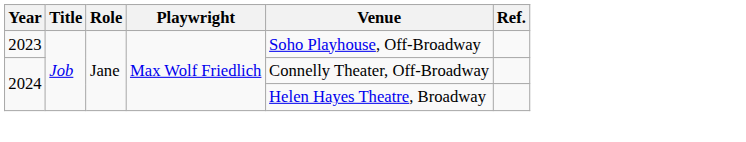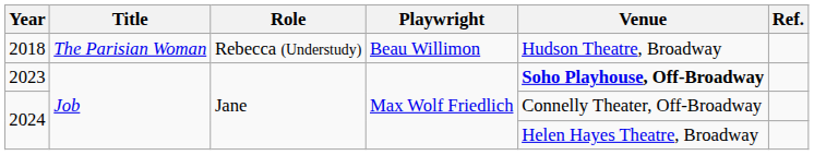 <table class="wikitable unsortable">
 <tr>
 <th>Year</th>
 <th>Title</th>
 <th>Role</th>
 <th>Playwright</th>
 <th class="unsortable">Venue</th>
 <th class="unsortable">Ref.</th>
 </tr>
 <tr>
+<td>2018</td>
+<td><em><a href='#'>The Parisian Woman</a></em></td>
+<td>Rebecca <small>(Understudy)</small></td>
+<td><a href='#'>Beau Willimon</a></td>
+<td><a href='#'>Hudson Theatre</a>, Broadway</td>
+<td></td>
+</tr>
+<tr>
 <td>2023</td>
 <td rowspan=3><em><a href='#'>Job</a></em></td>
 <td rowspan=3>Jane</td>
 <td rowspan=3><a href='#'>Max Wolf Friedlich</a></td>
-<td><a href='#'>Soho Playhouse</a>, Off-Broadway</td>
+<td><strong><a href='#'>Soho Playhouse</a>, Off-Broadway</strong></td>
 <td></td>
 </tr>
 <tr>
 <td rowspan=2>2024</td>
 <td>Connelly Theater, Off-Broadway</td>
 <td></td>
 </tr>
 <tr>
 <td><a href='#'>Helen Hayes Theatre</a>, Broadway</td>
 <td></td>
 </tr>
 </table>
